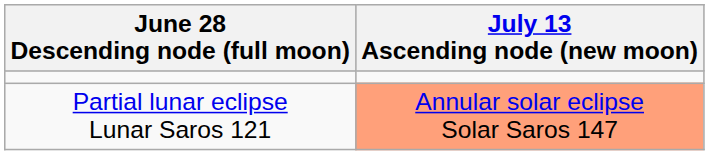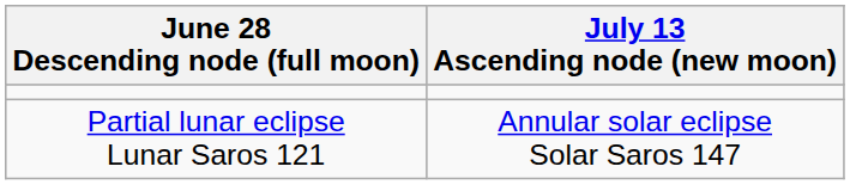 <table class="wikitable">
 <tr>
 <th>June 28<br>Descending node (full moon)<br></th>
 <th><a href='#'>July 13</a><br>Ascending node (new moon)<br></th>
 </tr>
 <tr>
 <td></td>
 <td></td>
 </tr>
 <tr align=center>
 <td><a href='#'>Partial lunar eclipse</a><br>Lunar Saros 121</td>
-<td style="background: lightsalmon;"><a href='#'>Annular solar eclipse</a><br>Solar Saros 147</td>
+<td><a href='#'>Annular solar eclipse</a><br>Solar Saros 147</td>
 </tr>
 </table>
